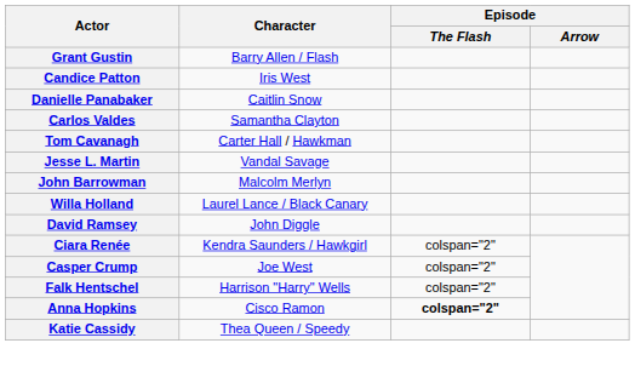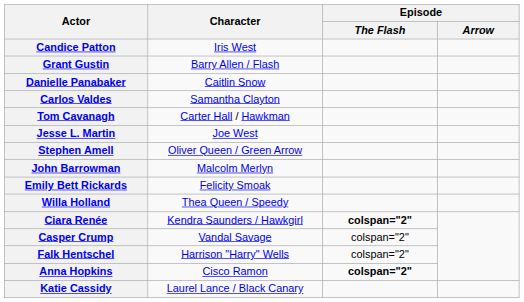 <table class="wikitable plainrowheaders" style="width: 60%; text-align: center;">
 <tr>
 <th scope="col" rowspan="2" style="width: 12%;">Actor</th>
 <th scope="col" rowspan="2" style="width: 15%;">Character</th>
 <th scope="col" colspan="2">Episode</th>
 </tr>
 <tr>
 <th scope="col" style="width: 7%;"><em>The Flash</em></th>
 <th scope="col" style="width: 7%;"><em>Arrow</em></th>
 </tr>
 <tr>
-<th scope="row" style="text-align: center;"><a href='#'>Grant Gustin</a></th>
-<td><a href='#'>Barry Allen / Flash</a></td>
+<th scope="row" style="text-align: center;"><a href='#'>Candice Patton</a></th>
+<td><a href='#'>Iris West</a></td>
 <td></td>
 <td></td>
 </tr>
 <tr>
-<th scope="row" style="text-align: center;"><a href='#'>Candice Patton</a></th>
-<td><a href='#'>Iris West</a></td>
+<th scope="row" style="text-align: center;"><a href='#'>Grant Gustin</a></th>
+<td><a href='#'>Barry Allen / Flash</a></td>
 <td></td>
 <td></td>
 </tr>
 <tr>
 <th scope="row" style="text-align: center;"><a href='#'>Danielle Panabaker</a></th>
 <td><a href='#'>Caitlin Snow</a></td>
 <td></td>
 <td></td>
 </tr>
 <tr>
 <th scope="row" style="text-align: center;"><a href='#'>Carlos Valdes</a></th>
 <td><a href='#'>Samantha Clayton</a></td>
 <td></td>
 <td></td>
 </tr>
 <tr>
 <th scope="row" style="text-align: center;"><a href='#'>Tom Cavanagh</a></th>
 <td><a href='#'>Carter Hall</a> / <a href='#'>Hawkman</a></td>
 <td></td>
 <td></td>
 </tr>
 <tr>
 <th scope="row" style="text-align: center;"><a href='#'>Jesse L. Martin</a></th>
-<td><a href='#'>Vandal Savage</a></td>
+<td><a href='#'>Joe West</a></td>
+<td></td>
+<td></td>
+</tr>
+<tr>
+<th scope="row" style="text-align: center;"><a href='#'>Stephen Amell</a></th>
+<td><a href='#'>Oliver Queen / Green Arrow</a></td>
 <td></td>
 <td></td>
 </tr>
 <tr>
 <th scope="row" style="text-align: center;"><a href='#'>John Barrowman</a></th>
 <td><a href='#'>Malcolm Merlyn</a></td>
 <td></td>
 <td></td>
 </tr>
 <tr>
-<th scope="row" style="text-align: center;"><a href='#'>Willa Holland</a></th>
-<td><a href='#'>Laurel Lance / Black Canary</a></td>
+<th scope="row" style="text-align: center;"><a href='#'>Emily Bett Rickards</a></th>
+<td><a href='#'>Felicity Smoak</a></td>
 <td></td>
 <td></td>
 </tr>
 <tr>
-<th scope="row" style="text-align: center;"><a href='#'>David Ramsey</a></th>
-<td><a href='#'>John Diggle</a></td>
+<th scope="row" style="text-align: center;"><a href='#'>Willa Holland</a></th>
+<td><a href='#'>Thea Queen / Speedy</a></td>
 <td></td>
 <td></td>
 </tr>
 <tr>
 <th scope="row" style="text-align: center;"><a href='#'>Ciara Renée</a></th>
 <td><a href='#'>Kendra Saunders / Hawkgirl</a></td>
-<td>colspan="2" </td>
+<td><strong>colspan="2" </strong></td>
 </tr>
 <tr>
 <th scope="row" style="text-align: center;"><a href='#'>Casper Crump</a></th>
-<td><a href='#'>Joe West</a></td>
+<td><a href='#'>Vandal Savage</a></td>
 <td>colspan="2" </td>
 </tr>
 <tr>
 <th scope="row" style="text-align: center;"><a href='#'>Falk Hentschel</a></th>
 <td><a href='#'>Harrison "Harry" Wells</a></td>
 <td>colspan="2" </td>
 </tr>
 <tr>
 <th scope="row" style="text-align: center;"><a href='#'>Anna Hopkins</a></th>
 <td><a href='#'>Cisco Ramon</a></td>
 <td><strong>colspan="2" <br></strong></td>
 </tr>
 <tr>
 <th scope="row" style="text-align: center;"><a href='#'>Katie Cassidy</a></th>
-<td><a href='#'>Thea Queen / Speedy</a></td>
+<td><a href='#'>Laurel Lance / Black Canary</a></td>
 <td></td>
 <td><br></td>
 </tr>
 </table>
